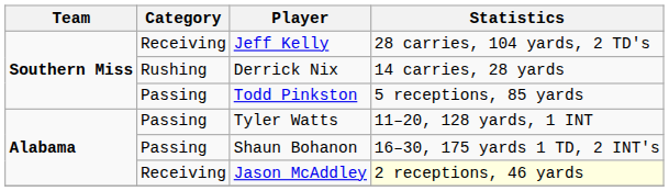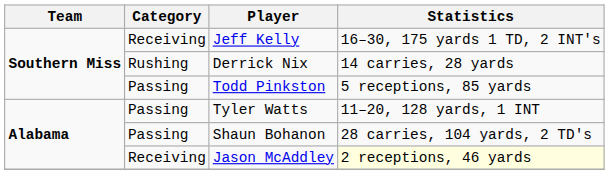 <table class="wikitable" style="float: right;">
 <tr>
 <th>Team</th>
 <th>Category</th>
 <th>Player</th>
 <th>Statistics</th>
 </tr>
 <tr>
 <td rowspan=3><strong>Southern Miss</strong></td>
 <td>Receiving</td>
 <td><a href='#'>Jeff Kelly</a></td>
-<td>28 carries, 104 yards, 2 TD's</td>
+<td>16–30, 175 yards 1 TD, 2 INT's</td>
 </tr>
 <tr>
 <td>Rushing</td>
 <td>Derrick Nix</td>
 <td>14 carries, 28 yards</td>
 </tr>
 <tr>
 <td>Passing</td>
 <td><a href='#'>Todd Pinkston</a></td>
 <td>5 receptions, 85 yards</td>
 </tr>
 <tr>
 <td rowspan=3><strong>Alabama</strong></td>
 <td>Passing</td>
 <td>Tyler Watts</td>
 <td>11–20, 128 yards, 1 INT</td>
 </tr>
 <tr>
 <td>Passing</td>
 <td>Shaun Bohanon</td>
-<td>16–30, 175 yards 1 TD, 2 INT's</td>
+<td>28 carries, 104 yards, 2 TD's</td>
 </tr>
 <tr>
 <td>Receiving</td>
 <td><a href='#'>Jason McAddley</a></td>
 <td style="background: lightyellow;">2 receptions, 46 yards</td>
 </tr>
 <tr>
 </tr>
 </table>
